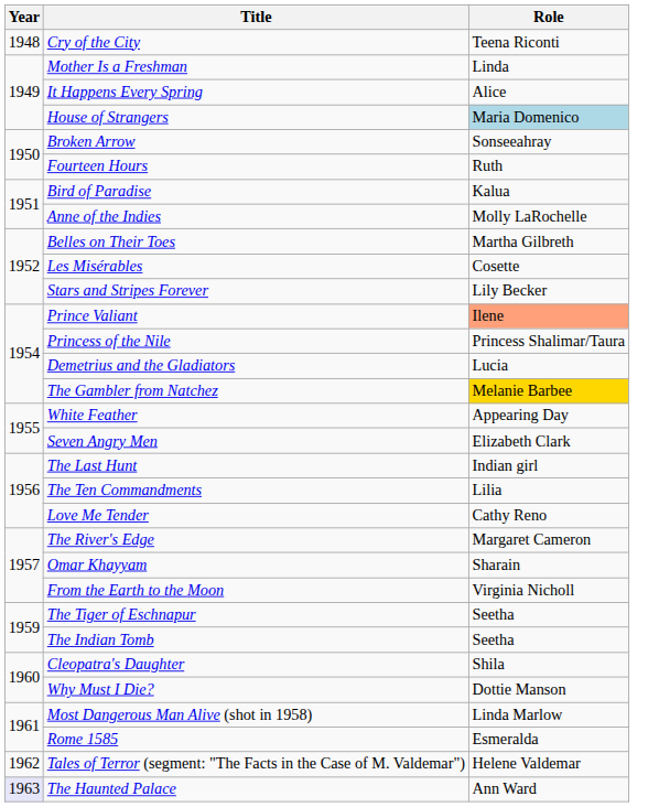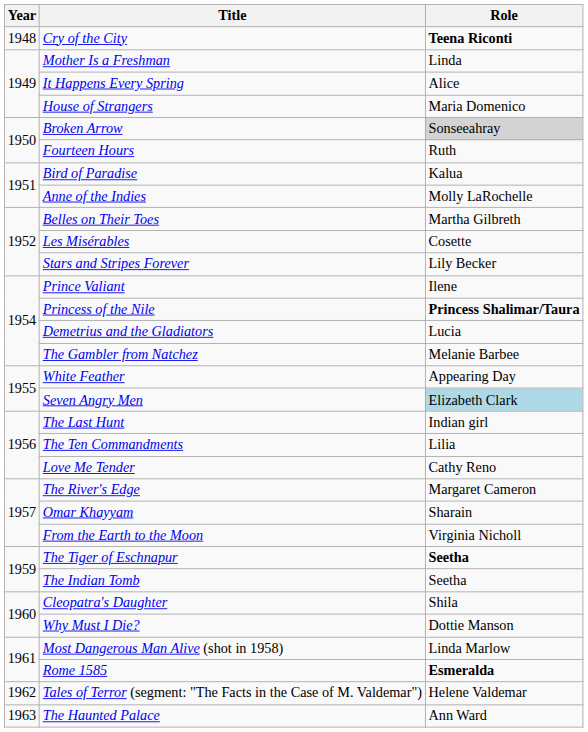 <table class="wikitable">
 <tr>
 <th>Year</th>
 <th>Title</th>
 <th>Role</th>
 </tr>
 <tr>
 <td>1948</td>
 <td><em><a href='#'>Cry of the City</a></em></td>
-<td>Teena Riconti</td>
+<td><strong>Teena Riconti</strong></td>
 </tr>
 <tr>
 <td rowspan=3>1949</td>
 <td><em><a href='#'>Mother Is a Freshman</a></em></td>
 <td>Linda</td>
 </tr>
 <tr>
 <td><em><a href='#'>It Happens Every Spring</a></em></td>
 <td>Alice</td>
 </tr>
 <tr>
 <td><em><a href='#'>House of Strangers</a></em></td>
-<td style="background: lightblue;">Maria Domenico</td>
+<td>Maria Domenico</td>
 </tr>
 <tr>
 <td rowspan=2>1950</td>
 <td><em><a href='#'>Broken Arrow</a></em></td>
-<td>Sonseeahray</td>
+<td style="background: lightgrey;">Sonseeahray</td>
 </tr>
 <tr>
 <td><em><a href='#'>Fourteen Hours</a></em></td>
 <td>Ruth</td>
 </tr>
 <tr>
 <td rowspan=2>1951</td>
 <td><em><a href='#'>Bird of Paradise</a></em></td>
 <td>Kalua</td>
 </tr>
 <tr>
 <td><em><a href='#'>Anne of the Indies</a></em></td>
 <td>Molly LaRochelle</td>
 </tr>
 <tr>
 <td rowspan=3>1952</td>
 <td><em><a href='#'>Belles on Their Toes</a></em></td>
 <td>Martha Gilbreth</td>
 </tr>
 <tr>
 <td><em><a href='#'>Les Misérables</a></em></td>
 <td>Cosette</td>
 </tr>
 <tr>
 <td><em><a href='#'>Stars and Stripes Forever</a></em></td>
 <td>Lily Becker</td>
 </tr>
 <tr>
 <td rowspan=4>1954</td>
 <td><em><a href='#'>Prince Valiant</a></em></td>
-<td style="background: lightsalmon;">Ilene</td>
+<td>Ilene</td>
 </tr>
 <tr>
 <td><em><a href='#'>Princess of the Nile</a></em></td>
-<td>Princess Shalimar/Taura</td>
+<td><strong>Princess Shalimar/Taura</strong></td>
 </tr>
 <tr>
 <td><em><a href='#'>Demetrius and the Gladiators</a></em></td>
 <td>Lucia</td>
 </tr>
 <tr>
 <td><em><a href='#'>The Gambler from Natchez</a></em></td>
-<td style="background: gold;">Melanie Barbee</td>
+<td>Melanie Barbee</td>
 </tr>
 <tr>
 <td rowspan=2>1955</td>
 <td><em><a href='#'>White Feather</a></em></td>
 <td>Appearing Day</td>
 </tr>
 <tr>
 <td><em><a href='#'>Seven Angry Men</a></em></td>
-<td>Elizabeth Clark</td>
+<td style="background: lightblue;">Elizabeth Clark</td>
 </tr>
 <tr>
 <td rowspan=3>1956</td>
 <td><em><a href='#'>The Last Hunt</a></em></td>
 <td>Indian girl</td>
 </tr>
 <tr>
 <td><em><a href='#'>The Ten Commandments</a></em></td>
 <td>Lilia</td>
 </tr>
 <tr>
 <td><em><a href='#'>Love Me Tender</a></em></td>
 <td>Cathy Reno</td>
 </tr>
 <tr>
 <td rowspan=3>1957</td>
 <td><em><a href='#'>The River's Edge</a></em></td>
 <td>Margaret Cameron</td>
 </tr>
 <tr>
 <td><em><a href='#'>Omar Khayyam</a></em></td>
 <td>Sharain</td>
 </tr>
 <tr>
 <td><em><a href='#'>From the Earth to the Moon</a></em></td>
 <td>Virginia Nicholl</td>
 </tr>
 <tr>
 <td rowspan=2>1959</td>
 <td><em><a href='#'>The Tiger of Eschnapur</a></em></td>
-<td>Seetha</td>
+<td><strong>Seetha</strong></td>
 </tr>
 <tr>
 <td><em><a href='#'>The Indian Tomb</a></em></td>
 <td>Seetha</td>
 </tr>
 <tr>
 <td rowspan=2>1960</td>
 <td><em><a href='#'>Cleopatra's Daughter</a></em></td>
 <td>Shila</td>
 </tr>
 <tr>
 <td><em><a href='#'>Why Must I Die?</a></em></td>
 <td>Dottie Manson</td>
 </tr>
 <tr>
 <td rowspan=2>1961</td>
 <td><em><a href='#'>Most Dangerous Man Alive</a></em> (shot in 1958)</td>
 <td>Linda Marlow</td>
 </tr>
 <tr>
 <td><em><a href='#'>Rome 1585</a></em></td>
-<td>Esmeralda</td>
+<td><strong>Esmeralda</strong></td>
 </tr>
 <tr>
 <td>1962</td>
 <td><em><a href='#'>Tales of Terror</a></em> (segment: "The Facts in the Case of M. Valdemar")</td>
 <td>Helene Valdemar</td>
 </tr>
 <tr>
-<td style="background: lavender;">1963</td>
+<td>1963</td>
 <td><em><a href='#'>The Haunted Palace</a></em></td>
 <td>Ann Ward</td>
 </tr>
 </table>
